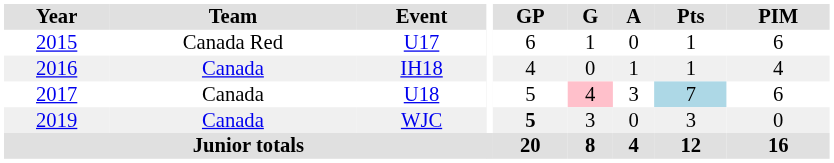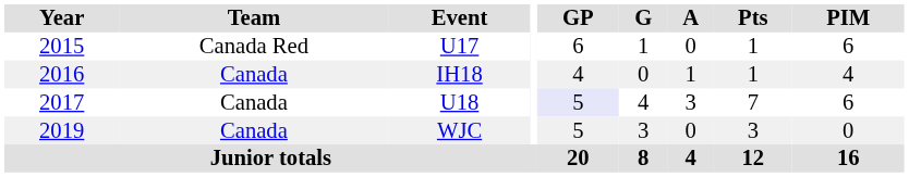 <table border="0" cellpadding="1" cellspacing="0" ID="Table3" style="text-align:center; width:40em">
 <tr bgcolor="#e0e0e0">
 <th>Year</th>
 <th>Team</th>
 <th>Event</th>
 <th rowspan="102" bgcolor="#ffffff"></th>
 <th>GP</th>
 <th>G</th>
 <th>A</th>
 <th>Pts</th>
 <th>PIM</th>
 </tr>
 <tr>
 <td><a href='#'>2015</a></td>
 <td>Canada Red</td>
 <td><a href='#'>U17</a></td>
 <td>6</td>
 <td>1</td>
 <td>0</td>
 <td>1</td>
 <td>6</td>
 </tr>
 <tr bgcolor="#f0f0f0">
 <td><a href='#'>2016</a></td>
 <td><a href='#'>Canada</a></td>
 <td><a href='#'>IH18</a></td>
 <td>4</td>
 <td>0</td>
 <td>1</td>
 <td>1</td>
 <td>4</td>
 </tr>
 <tr>
 <td><a href='#'>2017</a></td>
 <td>Canada</td>
 <td><a href='#'>U18</a></td>
-<td>5</td>
-<td style="background: pink;">4</td>
+<td style="background: lavender;">5</td>
+<td>4</td>
 <td>3</td>
-<td style="background: lightblue;">7</td>
+<td>7</td>
 <td>6</td>
 </tr>
 <tr bgcolor="#f0f0f0">
 <td><a href='#'>2019</a></td>
 <td><a href='#'>Canada</a></td>
 <td><a href='#'>WJC</a></td>
-<td><strong>5</strong></td>
+<td>5</td>
 <td>3</td>
 <td>0</td>
 <td>3</td>
 <td>0</td>
 </tr>
 <tr bgcolor="#e0e0e0">
 <th colspan="4">Junior totals</th>
 <th>20</th>
 <th>8</th>
 <th>4</th>
 <th>12</th>
 <th>16</th>
 </tr>
 </table>
